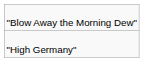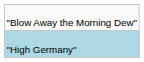 <table class="wikitable">
 <tr>
 <td><br>"Blow Away the Morning Dew"</td>
 </tr>
 <tr>
-<td><br>"High Germany"</td>
+<td style="background: lightblue;"><br>"High Germany"</td>
 </tr>
 </table>
